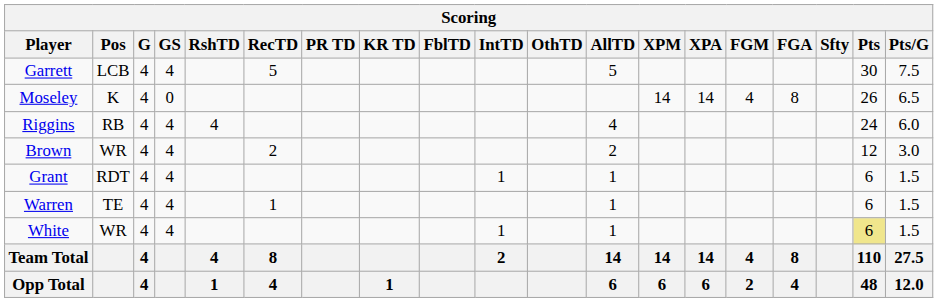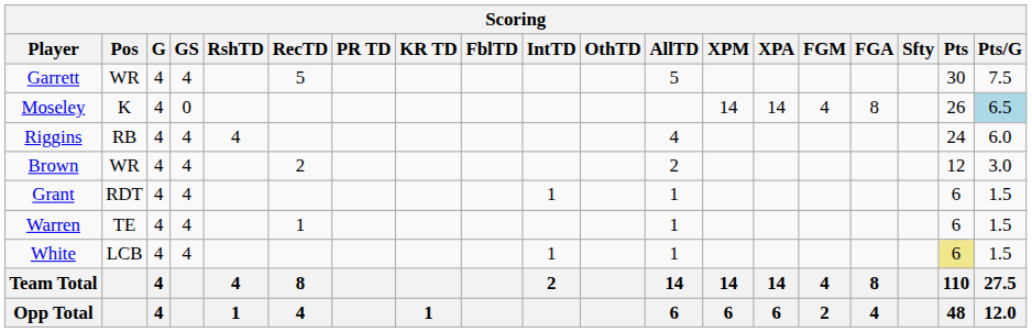 <table class="wikitable" style="text-align:center">
 <tr>
 <th colspan="19">Scoring</th>
 </tr>
 <tr>
 <th>Player</th>
 <th>Pos</th>
 <th>G</th>
 <th>GS</th>
 <th>RshTD</th>
 <th>RecTD</th>
 <th>PR TD</th>
 <th>KR TD</th>
 <th>FblTD</th>
 <th>IntTD</th>
 <th>OthTD</th>
 <th>AllTD</th>
 <th>XPM</th>
 <th>XPA</th>
 <th>FGM</th>
 <th>FGA</th>
 <th>Sfty</th>
 <th>Pts</th>
 <th>Pts/G</th>
 </tr>
 <tr>
 <td><a href='#'>Garrett</a></td>
-<td>LCB</td>
+<td>WR</td>
 <td>4</td>
 <td>4</td>
 <td></td>
 <td>5</td>
 <td></td>
 <td></td>
 <td></td>
 <td></td>
 <td></td>
 <td>5</td>
 <td></td>
 <td></td>
 <td></td>
 <td></td>
 <td></td>
 <td>30</td>
 <td>7.5</td>
 </tr>
 <tr>
 <td><a href='#'>Moseley</a></td>
 <td>K</td>
 <td>4</td>
 <td>0</td>
 <td></td>
 <td></td>
 <td></td>
 <td></td>
 <td></td>
 <td></td>
 <td></td>
 <td></td>
 <td>14</td>
 <td>14</td>
 <td>4</td>
 <td>8</td>
 <td></td>
 <td>26</td>
-<td>6.5</td>
+<td style="background: lightblue;">6.5</td>
 </tr>
 <tr>
 <td><a href='#'>Riggins</a></td>
 <td>RB</td>
 <td>4</td>
 <td>4</td>
 <td>4</td>
 <td></td>
 <td></td>
 <td></td>
 <td></td>
 <td></td>
 <td></td>
 <td>4</td>
 <td></td>
 <td></td>
 <td></td>
 <td></td>
 <td></td>
 <td>24</td>
 <td>6.0</td>
 </tr>
 <tr>
 <td><a href='#'>Brown</a></td>
 <td>WR</td>
 <td>4</td>
 <td>4</td>
 <td></td>
 <td>2</td>
 <td></td>
 <td></td>
 <td></td>
 <td></td>
 <td></td>
 <td>2</td>
 <td></td>
 <td></td>
 <td></td>
 <td></td>
 <td></td>
 <td>12</td>
 <td>3.0</td>
 </tr>
 <tr>
 <td><a href='#'>Grant</a></td>
 <td>RDT</td>
 <td>4</td>
 <td>4</td>
 <td></td>
 <td></td>
 <td></td>
 <td></td>
 <td></td>
 <td>1</td>
 <td></td>
 <td>1</td>
 <td></td>
 <td></td>
 <td></td>
 <td></td>
 <td></td>
 <td>6</td>
 <td>1.5</td>
 </tr>
 <tr>
 <td><a href='#'>Warren</a></td>
 <td>TE</td>
 <td>4</td>
 <td>4</td>
 <td></td>
 <td>1</td>
 <td></td>
 <td></td>
 <td></td>
 <td></td>
 <td></td>
 <td>1</td>
 <td></td>
 <td></td>
 <td></td>
 <td></td>
 <td></td>
 <td>6</td>
 <td>1.5</td>
 </tr>
 <tr>
 <td><a href='#'>White</a></td>
-<td>WR</td>
+<td>LCB</td>
 <td>4</td>
 <td>4</td>
 <td></td>
 <td></td>
 <td></td>
 <td></td>
 <td></td>
 <td>1</td>
 <td></td>
 <td>1</td>
 <td></td>
 <td></td>
 <td></td>
 <td></td>
 <td></td>
 <td style="background: khaki;">6</td>
 <td>1.5</td>
 </tr>
 <tr>
 <th>Team Total</th>
 <th></th>
 <th>4</th>
 <th></th>
 <th>4</th>
 <th>8</th>
 <th></th>
 <th></th>
 <th></th>
 <th>2</th>
 <th></th>
 <th>14</th>
 <th>14</th>
 <th>14</th>
 <th>4</th>
 <th>8</th>
 <th></th>
 <th>110</th>
 <th>27.5</th>
 </tr>
 <tr>
 <th>Opp Total</th>
 <th></th>
 <th>4</th>
 <th></th>
 <th>1</th>
 <th>4</th>
 <th></th>
 <th>1</th>
 <th></th>
 <th></th>
 <th></th>
 <th>6</th>
 <th>6</th>
 <th>6</th>
 <th>2</th>
 <th>4</th>
 <th></th>
 <th>48</th>
 <th>12.0</th>
 </tr>
 </table>
